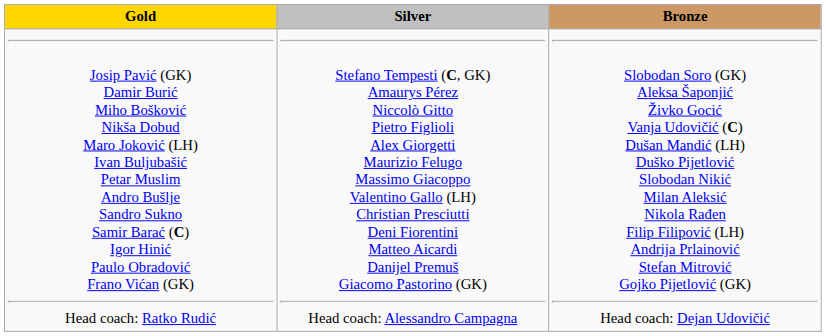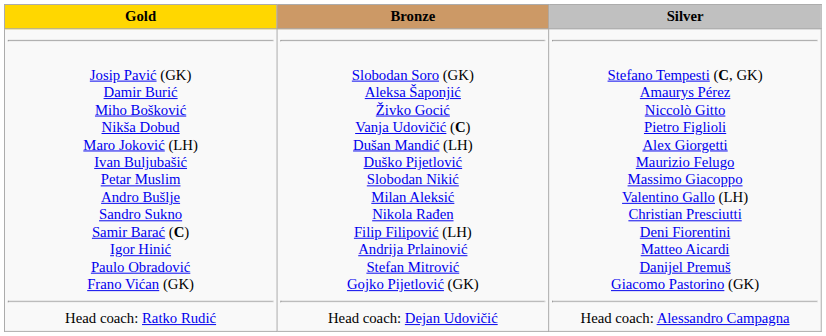 <table class="wikitable" style="text-align:center; font-size: 95%;">
 <tr>
 <th style="width: 18em;background: gold">Gold</th>
+<th style="width: 18em;background: #CC9966">Bronze</th>
 <th style="width: 18em;background: silver">Silver</th>
-<th style="width: 18em;background: #CC9966">Bronze</th>
 </tr>
 <tr>
 <td><hr><br><a href='#'>Josip Pavić</a> (GK)<br><a href='#'>Damir Burić</a><br><a href='#'>Miho Bošković</a><br><a href='#'>Nikša Dobud</a><br><a href='#'>Maro Joković</a> (LH)<br><a href='#'>Ivan Buljubašić</a><br><a href='#'>Petar Muslim</a><br><a href='#'>Andro Bušlje</a><br><a href='#'>Sandro Sukno</a><br><a href='#'>Samir Barać</a> (<strong>C</strong>)<br><a href='#'>Igor Hinić</a><br><a href='#'>Paulo Obradović</a><br><a href='#'>Frano Vićan</a> (GK)<br><hr>Head coach: <a href='#'>Ratko Rudić</a></td>
+<td><hr><br><a href='#'>Slobodan Soro</a> (GK)<br><a href='#'>Aleksa Šaponjić</a><br><a href='#'>Živko Gocić</a><br><a href='#'>Vanja Udovičić</a> (<strong>C</strong>)<br><a href='#'>Dušan Mandić</a> (LH)<br><a href='#'>Duško Pijetlović</a><br><a href='#'>Slobodan Nikić</a><br><a href='#'>Milan Aleksić</a><br><a href='#'>Nikola Rađen</a><br><a href='#'>Filip Filipović</a> (LH)<br><a href='#'>Andrija Prlainović</a><br><a href='#'>Stefan Mitrović</a><br><a href='#'>Gojko Pijetlović</a> (GK)<br><hr>Head coach: <a href='#'>Dejan Udovičić</a></td>
 <td><hr><br><a href='#'>Stefano Tempesti</a> (<strong>C</strong>, GK)<br><a href='#'>Amaurys Pérez</a><br><a href='#'>Niccolò Gitto</a><br><a href='#'>Pietro Figlioli</a><br><a href='#'>Alex Giorgetti</a><br><a href='#'>Maurizio Felugo</a><br><a href='#'>Massimo Giacoppo</a><br><a href='#'>Valentino Gallo</a> (LH)<br><a href='#'>Christian Presciutti</a><br><a href='#'>Deni Fiorentini</a><br><a href='#'>Matteo Aicardi</a><br><a href='#'>Danijel Premuš</a><br><a href='#'>Giacomo Pastorino</a> (GK)<br><hr>Head coach: <a href='#'>Alessandro Campagna</a></td>
-<td><hr><br><a href='#'>Slobodan Soro</a> (GK)<br><a href='#'>Aleksa Šaponjić</a><br><a href='#'>Živko Gocić</a><br><a href='#'>Vanja Udovičić</a> (<strong>C</strong>)<br><a href='#'>Dušan Mandić</a> (LH)<br><a href='#'>Duško Pijetlović</a><br><a href='#'>Slobodan Nikić</a><br><a href='#'>Milan Aleksić</a><br><a href='#'>Nikola Rađen</a><br><a href='#'>Filip Filipović</a> (LH)<br><a href='#'>Andrija Prlainović</a><br><a href='#'>Stefan Mitrović</a><br><a href='#'>Gojko Pijetlović</a> (GK)<br><hr>Head coach: <a href='#'>Dejan Udovičić</a></td>
 </tr>
 </table>
